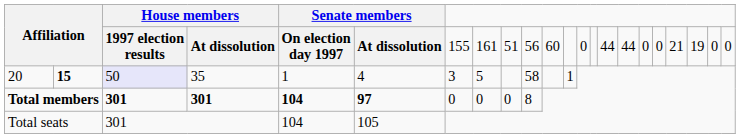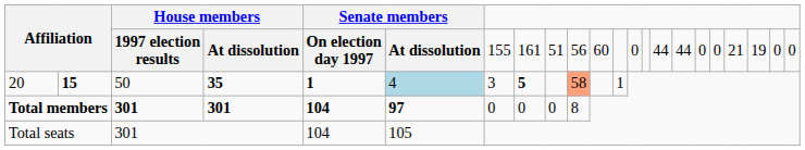 <table class="wikitable" style="margin:1em auto;">
 <tr>
 <th colspan=2 rowspan=2>Affiliation</th>
 <th colspan=2><a href='#'>House members</a></th>
 <th colspan=2><a href='#'>Senate members</a></th>
 </tr>
 <tr>
 <th>1997 election<br>results</th>
 <th>At dissolution</th>
 <th>On election<br>day 1997</th>
 <th>At dissolution<br></th>
 <td>155</td>
 <td>161</td>
 <td>51</td>
 <td>56<br></td>
 <td>60</td>
 <td></td>
 <td>0</td>
 <td><br></td>
 <td>44</td>
 <td>44</td>
 <td>0</td>
 <td>0<br></td>
 <td>21</td>
 <td>19</td>
 <td>0</td>
 <td>0</td>
 </tr>
 <tr>
 <td>20</td>
 <td><strong>15</strong></td>
-<td style="background: lavender;">50</td>
-<td>35<br></td>
-<td>1</td>
-<td>4</td>
+<td>50</td>
+<td><strong>35<br></strong></td>
+<td><strong>1</strong></td>
+<td style="background: lightblue;">4</td>
 <td>3</td>
-<td>5<br></td>
+<td><strong>5<br></strong></td>
 <td></td>
-<td>58</td>
+<td style="background: lightsalmon;">58</td>
 <td></td>
 <td>1</td>
 </tr>
 <tr>
 <td colspan=2><strong>Total members</strong></td>
 <td><strong>301</strong></td>
 <td><strong>301</strong></td>
 <td><strong>104</strong></td>
 <td><strong>97</strong><br></td>
 <td>0</td>
 <td>0</td>
 <td>0</td>
 <td>8</td>
 </tr>
 <tr>
 <td colspan=2>Total seats</td>
 <td colspan=2>301</td>
 <td>104</td>
 <td>105</td>
 </tr>
 </table>
